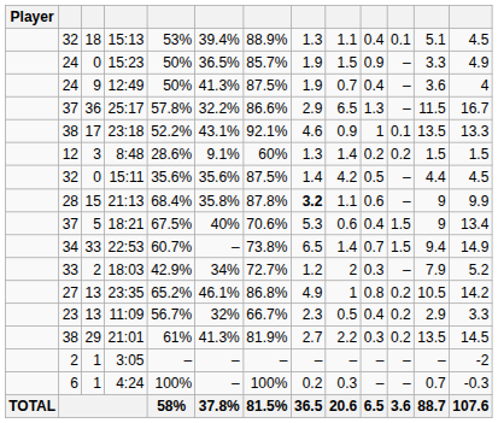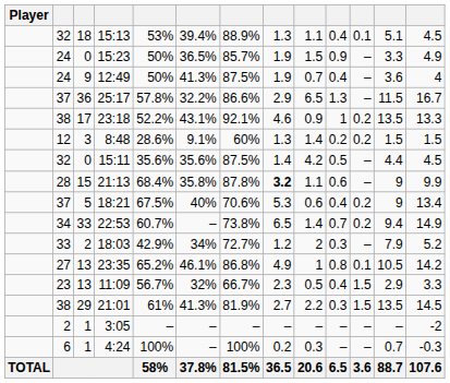 <table class="wikitable sortable" style="font-size:95%; text-align:right;">
 <tr>
 <th>Player</th>
 <th></th>
 <th></th>
 <th></th>
 <th></th>
 <th></th>
 <th></th>
 <th></th>
 <th></th>
 <th></th>
 <th></th>
 <th></th>
 <th></th>
 </tr>
 <tr>
 <td></td>
 <td>32</td>
 <td>18</td>
 <td>15:13</td>
 <td>53%</td>
 <td>39.4%</td>
 <td>88.9%</td>
 <td>1.3</td>
 <td>1.1</td>
 <td>0.4</td>
 <td>0.1</td>
 <td>5.1</td>
 <td>4.5</td>
 </tr>
 <tr>
 <td></td>
 <td>24</td>
 <td>0</td>
 <td>15:23</td>
 <td>50%</td>
 <td>36.5%</td>
 <td>85.7%</td>
 <td>1.9</td>
 <td>1.5</td>
 <td>0.9</td>
 <td>–</td>
 <td>3.3</td>
 <td>4.9</td>
 </tr>
 <tr>
 <td></td>
 <td>24</td>
 <td>9</td>
 <td>12:49</td>
 <td>50%</td>
 <td>41.3%</td>
 <td>87.5%</td>
 <td>1.9</td>
 <td>0.7</td>
 <td>0.4</td>
 <td>–</td>
 <td>3.6</td>
 <td>4</td>
 </tr>
 <tr>
 <td></td>
 <td>37</td>
 <td>36</td>
 <td>25:17</td>
 <td>57.8%</td>
 <td>32.2%</td>
 <td>86.6%</td>
 <td>2.9</td>
 <td>6.5</td>
 <td>1.3</td>
 <td>–</td>
 <td>11.5</td>
 <td>16.7</td>
 </tr>
 <tr>
 <td></td>
 <td>38</td>
 <td>17</td>
 <td>23:18</td>
 <td>52.2%</td>
 <td>43.1%</td>
 <td>92.1%</td>
 <td>4.6</td>
 <td>0.9</td>
 <td>1</td>
-<td>0.1</td>
+<td>0.2</td>
 <td>13.5</td>
 <td>13.3</td>
 </tr>
 <tr>
 <td></td>
 <td>12</td>
 <td>3</td>
 <td>8:48</td>
 <td>28.6%</td>
 <td>9.1%</td>
 <td>60%</td>
 <td>1.3</td>
 <td>1.4</td>
 <td>0.2</td>
 <td>0.2</td>
 <td>1.5</td>
 <td>1.5</td>
 </tr>
 <tr>
 <td></td>
 <td>32</td>
 <td>0</td>
 <td>15:11</td>
 <td>35.6%</td>
 <td>35.6%</td>
 <td>87.5%</td>
 <td>1.4</td>
 <td>4.2</td>
 <td>0.5</td>
 <td>–</td>
 <td>4.4</td>
 <td>4.5</td>
 </tr>
 <tr>
 <td></td>
 <td>28</td>
 <td>15</td>
 <td>21:13</td>
 <td>68.4%</td>
 <td>35.8%</td>
 <td>87.8%</td>
 <td><strong>3.2</strong></td>
 <td>1.1</td>
 <td>0.6</td>
 <td>–</td>
 <td>9</td>
 <td>9.9</td>
 </tr>
 <tr>
 <td></td>
 <td>37</td>
 <td>5</td>
 <td>18:21</td>
 <td>67.5%</td>
 <td>40%</td>
 <td>70.6%</td>
 <td>5.3</td>
 <td>0.6</td>
 <td>0.4</td>
-<td>1.5</td>
+<td>0.2</td>
 <td>9</td>
 <td>13.4</td>
 </tr>
 <tr>
 <td></td>
 <td>34</td>
 <td>33</td>
 <td>22:53</td>
 <td>60.7%</td>
 <td>–</td>
 <td>73.8%</td>
 <td>6.5</td>
 <td>1.4</td>
 <td>0.7</td>
-<td>1.5</td>
+<td>0.2</td>
 <td>9.4</td>
 <td>14.9</td>
 </tr>
 <tr>
 <td></td>
 <td>33</td>
 <td>2</td>
 <td>18:03</td>
 <td>42.9%</td>
 <td>34%</td>
 <td>72.7%</td>
 <td>1.2</td>
 <td>2</td>
 <td>0.3</td>
 <td>–</td>
 <td>7.9</td>
 <td>5.2</td>
 </tr>
 <tr>
 <td></td>
 <td>27</td>
 <td>13</td>
 <td>23:35</td>
 <td>65.2%</td>
 <td>46.1%</td>
 <td>86.8%</td>
 <td>4.9</td>
 <td>1</td>
 <td>0.8</td>
-<td>0.2</td>
+<td>0.1</td>
 <td>10.5</td>
 <td>14.2</td>
 </tr>
 <tr>
 <td></td>
 <td>23</td>
 <td>13</td>
 <td>11:09</td>
 <td>56.7%</td>
 <td>32%</td>
 <td>66.7%</td>
 <td>2.3</td>
 <td>0.5</td>
 <td>0.4</td>
-<td>0.2</td>
+<td>1.5</td>
 <td>2.9</td>
 <td>3.3</td>
 </tr>
 <tr>
 <td></td>
 <td>38</td>
 <td>29</td>
 <td>21:01</td>
 <td>61%</td>
 <td>41.3%</td>
 <td>81.9%</td>
 <td>2.7</td>
 <td>2.2</td>
 <td>0.3</td>
-<td>0.2</td>
+<td>1.5</td>
 <td>13.5</td>
 <td>14.5</td>
 </tr>
 <tr>
 <td></td>
 <td>2</td>
 <td>1</td>
 <td>3:05</td>
 <td>–</td>
 <td>–</td>
 <td>–</td>
 <td>–</td>
 <td>–</td>
 <td>–</td>
 <td>–</td>
 <td>–</td>
 <td>-2</td>
 </tr>
 <tr>
 <td></td>
 <td>6</td>
 <td>1</td>
 <td>4:24</td>
 <td>100%</td>
 <td>–</td>
 <td>100%</td>
 <td>0.2</td>
 <td>0.3</td>
 <td>–</td>
 <td>–</td>
 <td>0.7</td>
 <td>-0.3</td>
 </tr>
 <tr>
 <th align=center>TOTAL</th>
 <th colspan=3></th>
 <th>58%</th>
 <th>37.8%</th>
 <th>81.5%</th>
 <th>36.5</th>
 <th>20.6</th>
 <th>6.5</th>
 <th>3.6</th>
 <th>88.7</th>
 <th>107.6</th>
 </tr>
 </table>
